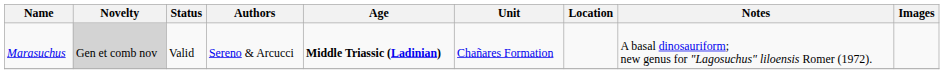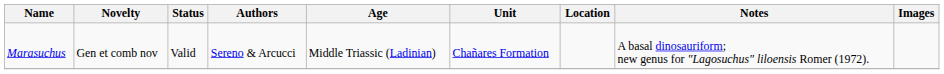 <table class="wikitable sortable" align="center" width="100%">
 <tr>
 <th>Name</th>
 <th>Novelty</th>
 <th>Status</th>
 <th>Authors</th>
 <th>Age</th>
 <th>Unit</th>
 <th>Location</th>
 <th>Notes</th>
 <th>Images</th>
 </tr>
 <tr>
 <td><br><em><a href='#'>Marasuchus</a></em></td>
-<td style="background: lightgrey;"><br>Gen et comb nov</td>
+<td><br>Gen et comb nov</td>
 <td><br>Valid</td>
 <td><br><a href='#'>Sereno</a> & Arcucci</td>
-<td><strong><br>Middle Triassic (<a href='#'>Ladinian</a>)</strong></td>
+<td><br>Middle Triassic (<a href='#'>Ladinian</a>)</td>
 <td><br><a href='#'>Chañares Formation</a></td>
 <td><br></td>
 <td><br>A basal <a href='#'>dinosauriform</a>; <br>new genus for <em>"Lagosuchus" liloensis</em> Romer (1972).</td>
 <td><br></td>
 </tr>
 <tr>
 </tr>
 </table>
